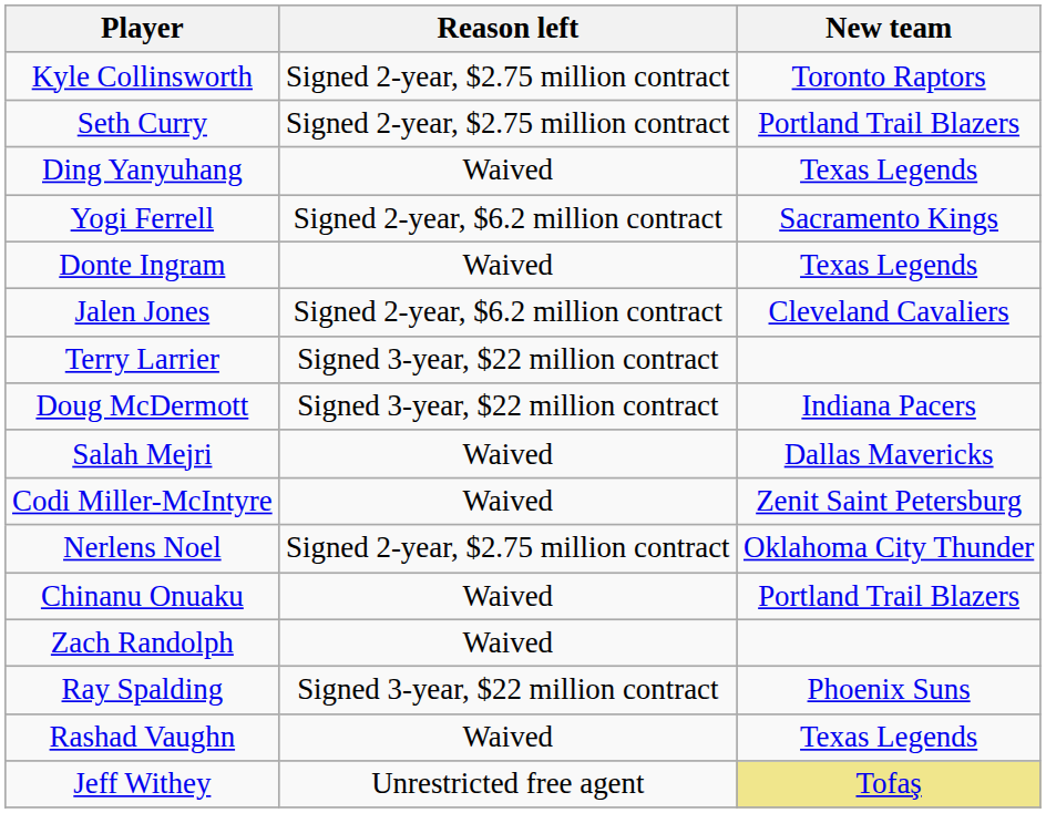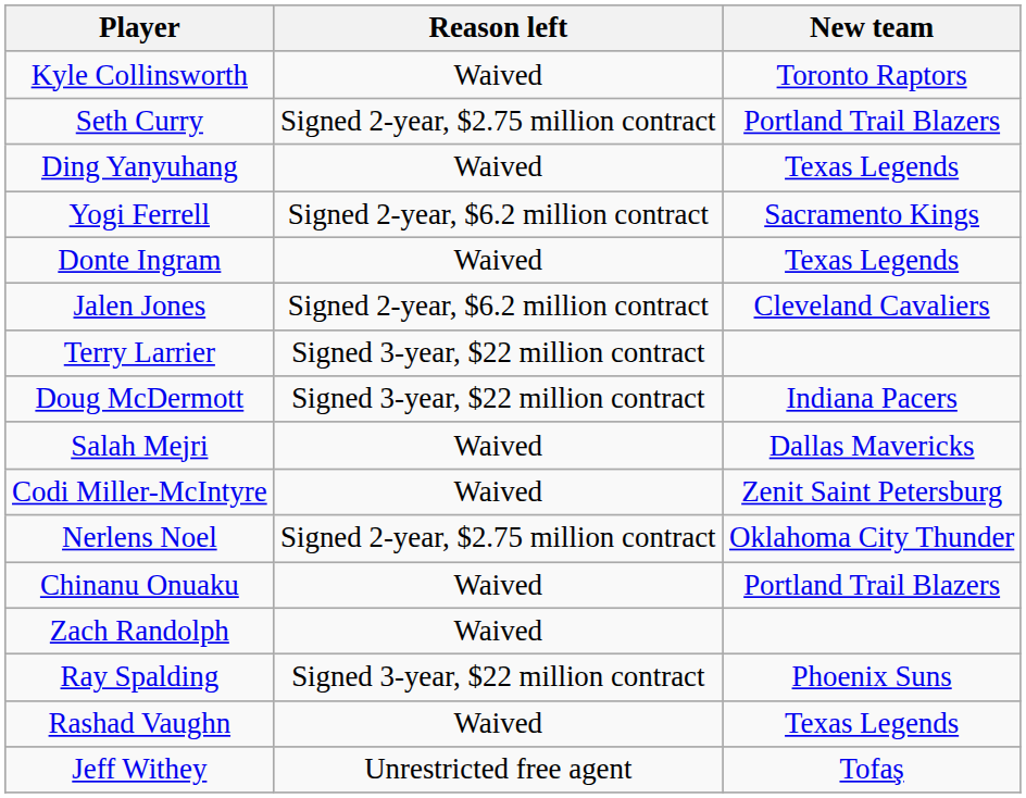 <table class="wikitable sortable sortable">
 <tr>
 <th>Player</th>
 <th>Reason left</th>
 <th>New team</th>
 </tr>
 <tr style="text-align: center">
 <td><a href='#'>Kyle Collinsworth</a></td>
-<td>Signed 2-year, $2.75 million contract</td>
+<td>Waived</td>
 <td><a href='#'>Toronto Raptors</a></td>
 </tr>
 <tr style="text-align: center">
 <td><a href='#'>Seth Curry</a></td>
 <td>Signed 2-year, $2.75 million contract</td>
 <td><a href='#'>Portland Trail Blazers</a></td>
 </tr>
 <tr style="text-align: center">
 <td><a href='#'>Ding Yanyuhang</a></td>
 <td>Waived</td>
 <td><a href='#'>Texas Legends</a></td>
 </tr>
 <tr style="text-align: center">
 <td><a href='#'>Yogi Ferrell</a></td>
 <td>Signed 2-year, $6.2 million contract</td>
 <td><a href='#'>Sacramento Kings</a></td>
 </tr>
 <tr style="text-align: center">
 <td><a href='#'>Donte Ingram</a></td>
 <td>Waived</td>
 <td><a href='#'>Texas Legends</a></td>
 </tr>
 <tr style="text-align: center">
 <td><a href='#'>Jalen Jones</a></td>
 <td>Signed 2-year, $6.2 million contract</td>
 <td><a href='#'>Cleveland Cavaliers</a></td>
 </tr>
 <tr style="text-align: center">
 <td><a href='#'>Terry Larrier</a></td>
 <td>Signed 3-year, $22 million contract</td>
 <td></td>
 </tr>
 <tr style="text-align: center">
 <td><a href='#'>Doug McDermott</a></td>
 <td>Signed 3-year, $22 million contract</td>
 <td><a href='#'>Indiana Pacers</a></td>
 </tr>
 <tr style="text-align: center">
 <td><a href='#'>Salah Mejri</a></td>
 <td>Waived</td>
 <td><a href='#'>Dallas Mavericks</a></td>
 </tr>
 <tr style="text-align: center">
 <td><a href='#'>Codi Miller-McIntyre</a></td>
 <td>Waived</td>
 <td> <a href='#'>Zenit Saint Petersburg</a></td>
 </tr>
 <tr style="text-align: center">
 <td><a href='#'>Nerlens Noel</a></td>
 <td>Signed 2-year, $2.75 million contract</td>
 <td><a href='#'>Oklahoma City Thunder</a></td>
 </tr>
 <tr style="text-align: center">
 <td><a href='#'>Chinanu Onuaku</a></td>
 <td>Waived</td>
 <td><a href='#'>Portland Trail Blazers</a></td>
 </tr>
 <tr style="text-align: center">
 <td><a href='#'>Zach Randolph</a></td>
 <td>Waived</td>
 <td></td>
 </tr>
 <tr style="text-align: center">
 <td><a href='#'>Ray Spalding</a></td>
 <td>Signed 3-year, $22 million contract</td>
 <td><a href='#'>Phoenix Suns</a></td>
 </tr>
 <tr style="text-align: center">
 <td><a href='#'>Rashad Vaughn</a></td>
 <td>Waived</td>
 <td><a href='#'>Texas Legends</a></td>
 </tr>
 <tr style="text-align: center">
 <td><a href='#'>Jeff Withey</a></td>
 <td>Unrestricted free agent</td>
-<td style="background: khaki;"> <a href='#'>Tofaş</a></td>
+<td> <a href='#'>Tofaş</a></td>
 </tr>
 </table>
